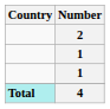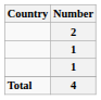 <table class="wikitable centre sortable">
 <tr>
 <th>Country</th>
 <th>Number</th>
 </tr>
 <tr>
 <td></td>
 <th>2</th>
 </tr>
 <tr>
 <td></td>
 <th>1</th>
 </tr>
 <tr>
 <td></td>
 <th>1</th>
 </tr>
 <tr>
 </tr>
 <tr class="sortbottom">
-<td style="background: paleturquoise;"><strong>Total</strong></td>
+<td><strong>Total</strong></td>
 <th>4</th>
 </tr>
 </table>
